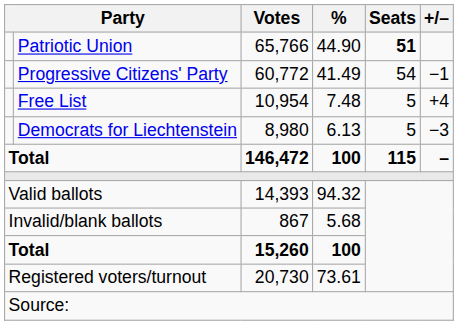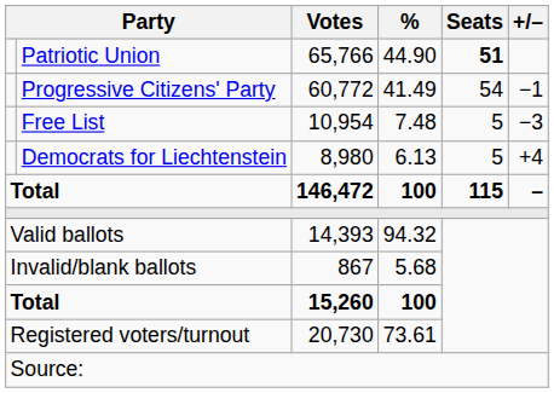 <table class=wikitable style=text-align:right>
 <tr>
 <th colspan="2">Party</th>
 <th>Votes</th>
 <th>%</th>
 <th>Seats</th>
 <th>+/–</th>
 </tr>
 <tr>
 <td width="1" style="color:inherit;background:"></td>
 <td style="text-align:left"><a href='#'>Patriotic Union</a></td>
 <td>65,766</td>
 <td>44.90</td>
 <td><strong>51</strong></td>
 </tr>
 <tr>
 <td width="1" style="color:inherit;background:"></td>
 <td style="text-align:left"><a href='#'>Progressive Citizens' Party</a></td>
 <td>60,772</td>
 <td>41.49</td>
 <td>54</td>
 <td>−1</td>
 </tr>
 <tr>
 <td width="1" style="color:inherit;background:"></td>
 <td style="text-align:left"><a href='#'>Free List</a></td>
 <td>10,954</td>
 <td>7.48</td>
 <td>5</td>
-<td>+4</td>
+<td>−3</td>
 </tr>
 <tr>
 <td width="1" style="color:inherit;background:"></td>
 <td style="text-align:left"><a href='#'>Democrats for Liechtenstein</a></td>
 <td>8,980</td>
 <td>6.13</td>
 <td>5</td>
-<td>−3</td>
+<td>+4</td>
 </tr>
 <tr>
 <td colspan="2" style="text-align:left"><strong>Total</strong></td>
 <td><strong>146,472</strong></td>
 <td><strong>100</strong></td>
 <td><strong>115</strong></td>
 <td><strong>–</strong></td>
 </tr>
 <tr>
 <td colspan="6" style="color:inherit;background:#E9E9E9"></td>
 </tr>
 <tr>
 <td colspan="2" style="text-align:left">Valid ballots</td>
 <td>14,393</td>
 <td>94.32</td>
 <td colspan="2" rowspan="4"></td>
 </tr>
 <tr>
 <td colspan=2 style="text-align:left">Invalid/blank ballots</td>
 <td>867</td>
 <td>5.68</td>
 </tr>
 <tr>
 <td colspan=2 style="text-align:left"><strong>Total</strong></td>
 <td><strong>15,260</strong></td>
 <td><strong>100</strong></td>
 </tr>
 <tr>
 <td colspan=2 style="text-align:left">Registered voters/turnout</td>
 <td>20,730</td>
 <td>73.61</td>
 </tr>
 <tr>
 <td colspan="6" style="text-align:left">Source: </td>
 </tr>
 </table>
